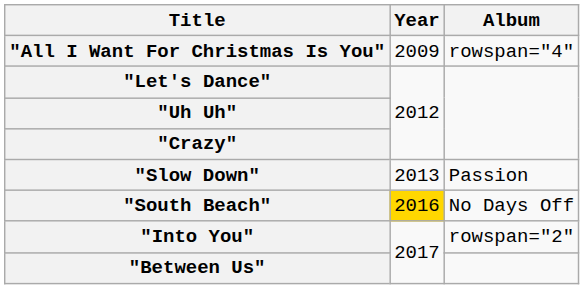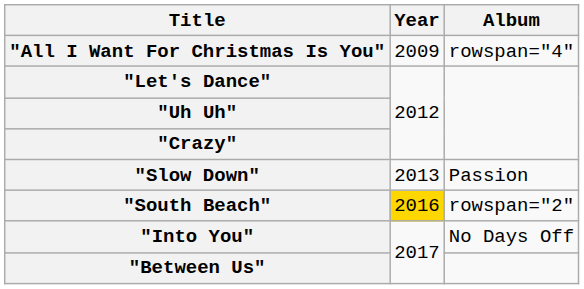 <table class="wikitable plainrowheaders">
 <tr>
 <th>Title</th>
 <th>Year</th>
 <th>Album</th>
 </tr>
 <tr>
 <th scope="row">"All I Want For Christmas Is You"</th>
 <td>2009</td>
 <td>rowspan="4" </td>
 </tr>
 <tr>
 <th scope="row">"Let's Dance"</th>
 <td rowspan=3>2012</td>
 </tr>
 <tr>
 <th scope="row">"Uh Uh"</th>
 </tr>
 <tr>
 <th scope="row">"Crazy"</th>
 </tr>
 <tr>
 <th scope="row">"Slow Down"<br></th>
 <td>2013</td>
 <td>Passion</td>
 </tr>
 <tr>
 <th scope="row">"South Beach"</th>
 <td style="background: gold;">2016</td>
-<td>No Days Off</td>
+<td>rowspan="2" </td>
 </tr>
 <tr>
 <th scope="row">"Into You"</th>
 <td rowspan=2>2017</td>
-<td>rowspan="2" </td>
+<td>No Days Off</td>
 </tr>
 <tr>
 <th scope="row">"Between Us"<br></th>
 </tr>
 </table>
